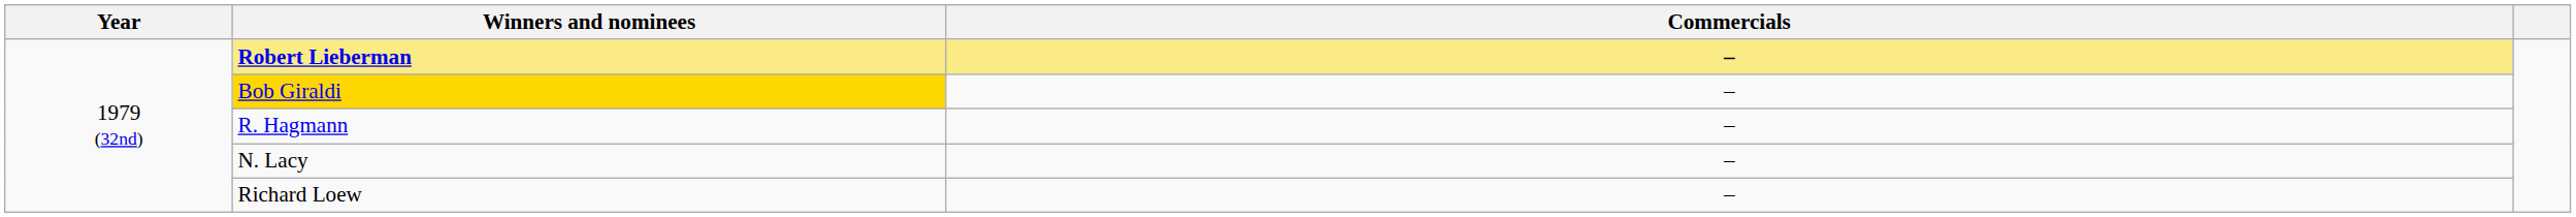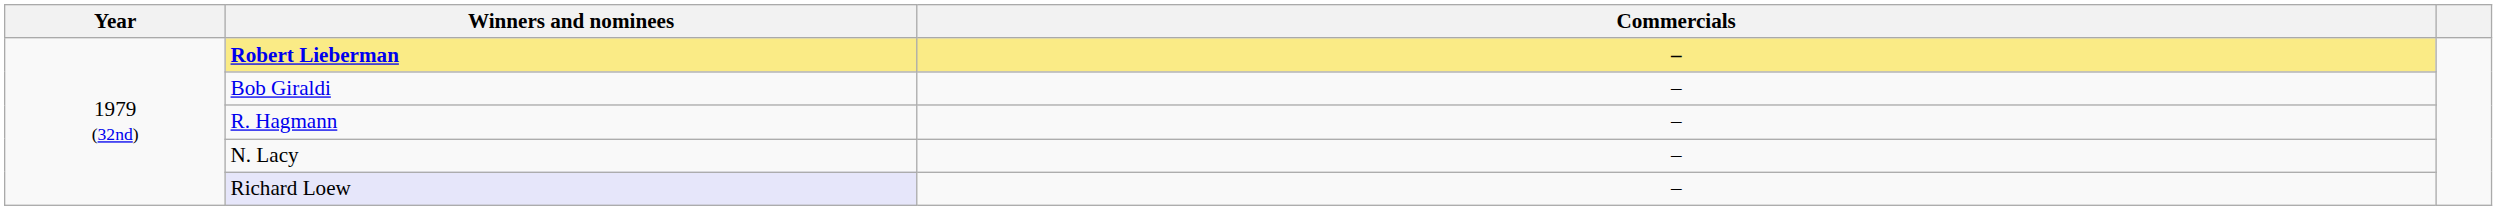 <table class="wikitable" width="95%" cellpadding="5">
 <tr>
 <th width="8%">Year</th>
 <th width="25%">Winners and nominees</th>
 <th width="55%">Commercials</th>
 <th width="2%"></th>
 </tr>
 <tr>
 <td rowspan="5" style="text-align:center;">1979<br><small>(<a href='#'>32nd</a>)</small></td>
 <td style="background:#FAEB86;"><strong><a href='#'>Robert Lieberman</a></strong></td>
 <td style="text-align:center; background:#FAEB86;"><strong>–</strong></td>
 <td rowspan="5" style="text-align:center;"></td>
 </tr>
 <tr>
-<td style="background: gold;"><a href='#'>Bob Giraldi</a></td>
+<td><a href='#'>Bob Giraldi</a></td>
 <td style="text-align:center;">–</td>
 </tr>
 <tr>
 <td><a href='#'>R. Hagmann</a></td>
 <td style="text-align:center;">–</td>
 </tr>
 <tr>
 <td>N. Lacy</td>
 <td style="text-align:center;">–</td>
 </tr>
 <tr>
-<td>Richard Loew</td>
+<td style="background: lavender;">Richard Loew</td>
 <td style="text-align:center;">–</td>
 </tr>
 </table>
